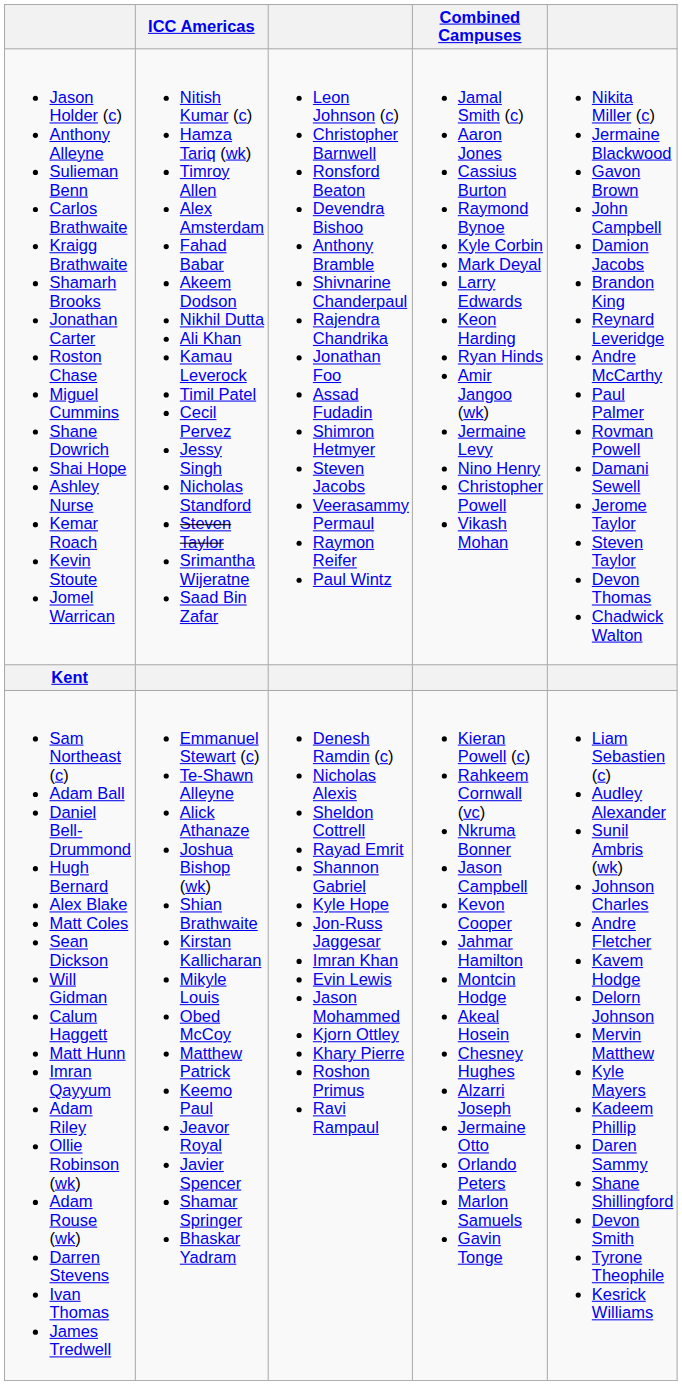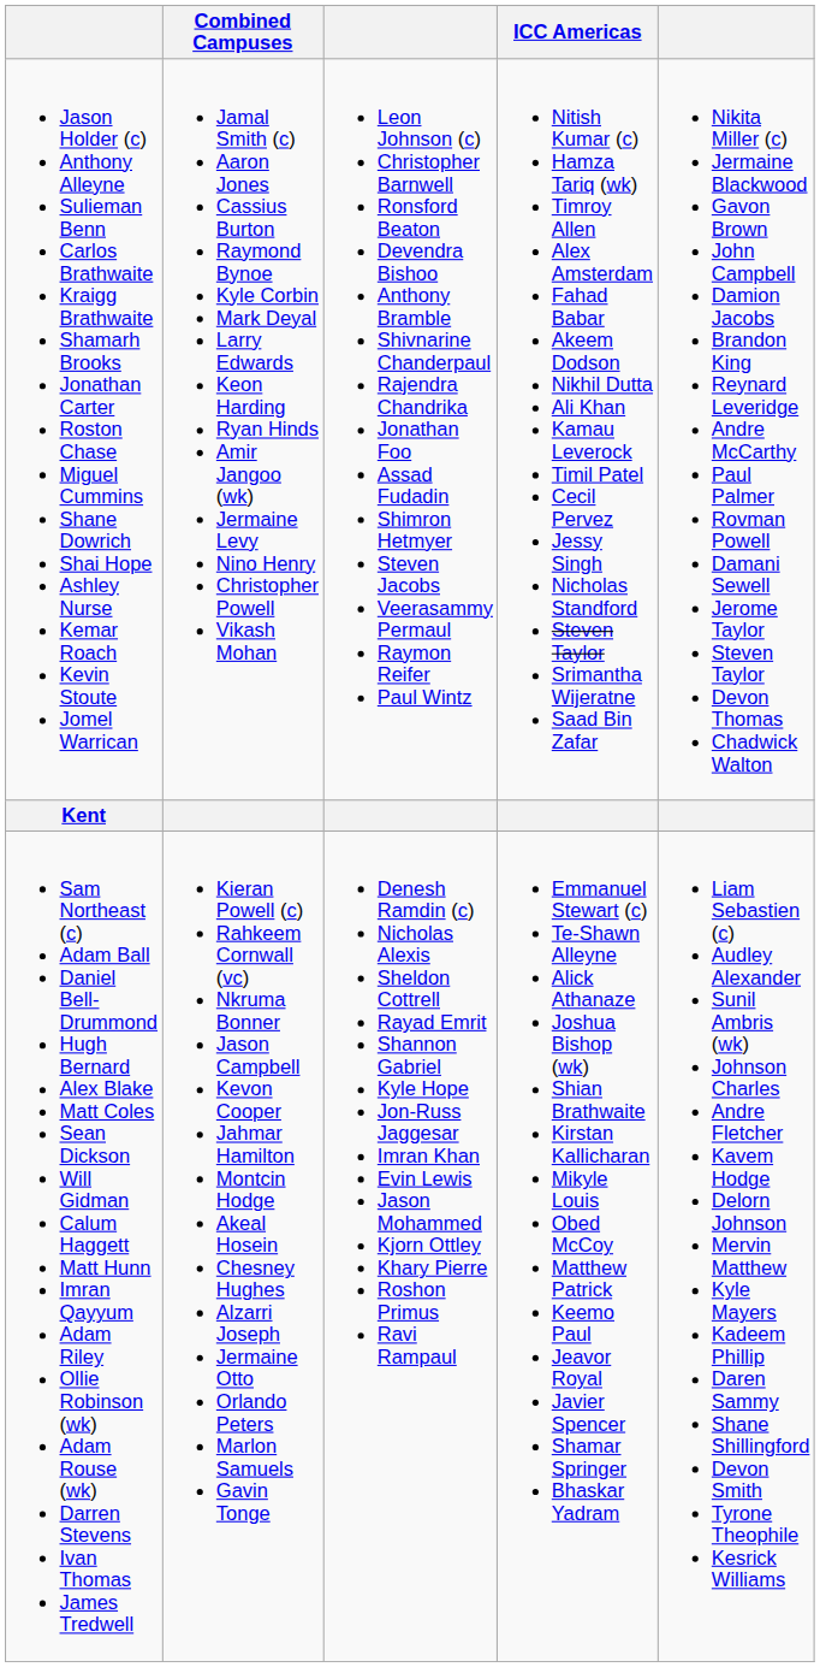 <table class="wikitable" width="100%">
 <tr>
 <th width=20%></th>
+<th width=20%> <a href='#'>Combined Campuses</a></th>
+<th width=20%></th>
 <th width=20%> <a href='#'>ICC Americas</a></th>
-<th width=20%></th>
-<th width=20%> <a href='#'>Combined Campuses</a></th>
 <th width=20%></th>
 </tr>
 <tr>
 <td valign=top><br><ul><li><a href='#'>Jason Holder</a> (<a href='#'>c</a>)</li><li><a href='#'>Anthony Alleyne</a></li><li><a href='#'>Sulieman Benn</a></li><li><a href='#'>Carlos Brathwaite</a></li><li><a href='#'>Kraigg Brathwaite</a></li><li><a href='#'>Shamarh Brooks</a></li><li><a href='#'>Jonathan Carter</a></li><li><a href='#'>Roston Chase</a></li><li><a href='#'>Miguel Cummins</a></li><li><a href='#'>Shane Dowrich</a></li><li><a href='#'>Shai Hope</a></li><li><a href='#'>Ashley Nurse</a></li><li><a href='#'>Kemar Roach</a></li><li><a href='#'>Kevin Stoute</a></li><li><a href='#'>Jomel Warrican</a></li></ul></td>
+<td valign=top><br><ul><li><a href='#'>Jamal Smith</a> (<a href='#'>c</a>)</li><li><a href='#'>Aaron Jones</a></li><li><a href='#'>Cassius Burton</a></li><li><a href='#'>Raymond Bynoe</a></li><li><a href='#'>Kyle Corbin</a></li><li><a href='#'>Mark Deyal</a></li><li><a href='#'>Larry Edwards</a></li><li><a href='#'>Keon Harding</a></li><li><a href='#'>Ryan Hinds</a></li><li><a href='#'>Amir Jangoo</a> (<a href='#'>wk</a>)</li><li><a href='#'>Jermaine Levy</a></li><li><a href='#'>Nino Henry</a></li><li><a href='#'>Christopher Powell</a></li><li><a href='#'>Vikash Mohan</a></li></ul></td>
+<td valign=top><br><ul><li><a href='#'>Leon Johnson</a> (<a href='#'>c</a>)</li><li><a href='#'>Christopher Barnwell</a></li><li><a href='#'>Ronsford Beaton</a></li><li><a href='#'>Devendra Bishoo</a></li><li><a href='#'>Anthony Bramble</a></li><li><a href='#'>Shivnarine Chanderpaul</a></li><li><a href='#'>Rajendra Chandrika</a></li><li><a href='#'>Jonathan Foo</a></li><li><a href='#'>Assad Fudadin</a></li><li><a href='#'>Shimron Hetmyer</a></li><li><a href='#'>Steven Jacobs</a></li><li><a href='#'>Veerasammy Permaul</a></li><li><a href='#'>Raymon Reifer</a></li><li><a href='#'>Paul Wintz</a></li></ul></td>
 <td valign=top><br><ul><li><a href='#'>Nitish Kumar</a> (<a href='#'>c</a>)</li><li><a href='#'>Hamza Tariq</a> (<a href='#'>wk</a>)</li><li><a href='#'>Timroy Allen</a></li><li><a href='#'>Alex Amsterdam</a></li><li><a href='#'>Fahad Babar</a></li><li><a href='#'>Akeem Dodson</a></li><li><a href='#'>Nikhil Dutta</a></li><li><a href='#'>Ali Khan</a></li><li><a href='#'>Kamau Leverock</a></li><li><a href='#'>Timil Patel</a></li><li><a href='#'>Cecil Pervez</a></li><li><a href='#'>Jessy Singh</a></li><li><a href='#'>Nicholas Standford</a></li><li><s><a href='#'>Steven Taylor</a></s></li><li><a href='#'>Srimantha Wijeratne</a></li><li><a href='#'>Saad Bin Zafar</a></li></ul></td>
-<td valign=top><br><ul><li><a href='#'>Leon Johnson</a> (<a href='#'>c</a>)</li><li><a href='#'>Christopher Barnwell</a></li><li><a href='#'>Ronsford Beaton</a></li><li><a href='#'>Devendra Bishoo</a></li><li><a href='#'>Anthony Bramble</a></li><li><a href='#'>Shivnarine Chanderpaul</a></li><li><a href='#'>Rajendra Chandrika</a></li><li><a href='#'>Jonathan Foo</a></li><li><a href='#'>Assad Fudadin</a></li><li><a href='#'>Shimron Hetmyer</a></li><li><a href='#'>Steven Jacobs</a></li><li><a href='#'>Veerasammy Permaul</a></li><li><a href='#'>Raymon Reifer</a></li><li><a href='#'>Paul Wintz</a></li></ul></td>
-<td valign=top><br><ul><li><a href='#'>Jamal Smith</a> (<a href='#'>c</a>)</li><li><a href='#'>Aaron Jones</a></li><li><a href='#'>Cassius Burton</a></li><li><a href='#'>Raymond Bynoe</a></li><li><a href='#'>Kyle Corbin</a></li><li><a href='#'>Mark Deyal</a></li><li><a href='#'>Larry Edwards</a></li><li><a href='#'>Keon Harding</a></li><li><a href='#'>Ryan Hinds</a></li><li><a href='#'>Amir Jangoo</a> (<a href='#'>wk</a>)</li><li><a href='#'>Jermaine Levy</a></li><li><a href='#'>Nino Henry</a></li><li><a href='#'>Christopher Powell</a></li><li><a href='#'>Vikash Mohan</a></li></ul></td>
 <td valign=top><br><ul><li><a href='#'>Nikita Miller</a> (<a href='#'>c</a>)</li><li><a href='#'>Jermaine Blackwood</a></li><li><a href='#'>Gavon Brown</a></li><li><a href='#'>John Campbell</a></li><li><a href='#'>Damion Jacobs</a></li><li><a href='#'>Brandon King</a></li><li><a href='#'>Reynard Leveridge</a></li><li><a href='#'>Andre McCarthy</a></li><li><a href='#'>Paul Palmer</a></li><li><a href='#'>Rovman Powell</a></li><li><a href='#'>Damani Sewell</a></li><li><a href='#'>Jerome Taylor</a></li><li><a href='#'>Steven Taylor</a></li><li><a href='#'>Devon Thomas</a></li><li><a href='#'>Chadwick Walton</a></li></ul></td>
 </tr>
 <tr>
 <th width=20%> <a href='#'>Kent</a></th>
 <th width=20%></th>
 <th width=20%></th>
 <th width=20%></th>
 <th width=20%></th>
 </tr>
 <tr>
 <td valign=top><br><ul><li><a href='#'>Sam Northeast</a> (<a href='#'>c</a>)</li><li><a href='#'>Adam Ball</a></li><li><a href='#'>Daniel Bell-Drummond</a></li><li><a href='#'>Hugh Bernard</a></li><li><a href='#'>Alex Blake</a></li><li><a href='#'>Matt Coles</a></li><li><a href='#'>Sean Dickson</a></li><li><a href='#'>Will Gidman</a></li><li><a href='#'>Calum Haggett</a></li><li><a href='#'>Matt Hunn</a></li><li><a href='#'>Imran Qayyum</a></li><li><a href='#'>Adam Riley</a></li><li><a href='#'>Ollie Robinson</a> (<a href='#'>wk</a>)</li><li><a href='#'>Adam Rouse</a> (<a href='#'>wk</a>)</li><li><a href='#'>Darren Stevens</a></li><li><a href='#'>Ivan Thomas</a></li><li><a href='#'>James Tredwell</a></li></ul></td>
+<td valign=top><br><ul><li><a href='#'>Kieran Powell</a> (<a href='#'>c</a>)</li><li><a href='#'>Rahkeem Cornwall</a> (<a href='#'>vc</a>)</li><li><a href='#'>Nkruma Bonner</a></li><li><a href='#'>Jason Campbell</a></li><li><a href='#'>Kevon Cooper</a></li><li><a href='#'>Jahmar Hamilton</a></li><li><a href='#'>Montcin Hodge</a></li><li><a href='#'>Akeal Hosein</a></li><li><a href='#'>Chesney Hughes</a></li><li><a href='#'>Alzarri Joseph</a></li><li><a href='#'>Jermaine Otto</a></li><li><a href='#'>Orlando Peters</a></li><li><a href='#'>Marlon Samuels</a></li><li><a href='#'>Gavin Tonge</a></li></ul></td>
+<td valign=top><br><ul><li><a href='#'>Denesh Ramdin</a> (<a href='#'>c</a>)</li><li><a href='#'>Nicholas Alexis</a></li><li><a href='#'>Sheldon Cottrell</a></li><li><a href='#'>Rayad Emrit</a></li><li><a href='#'>Shannon Gabriel</a></li><li><a href='#'>Kyle Hope</a></li><li><a href='#'>Jon-Russ Jaggesar</a></li><li><a href='#'>Imran Khan</a></li><li><a href='#'>Evin Lewis</a></li><li><a href='#'>Jason Mohammed</a></li><li><a href='#'>Kjorn Ottley</a></li><li><a href='#'>Khary Pierre</a></li><li><a href='#'>Roshon Primus</a></li><li><a href='#'>Ravi Rampaul</a></li></ul></td>
 <td valign=top><br><ul><li><a href='#'>Emmanuel Stewart</a> (<a href='#'>c</a>)</li><li><a href='#'>Te-Shawn Alleyne</a></li><li><a href='#'>Alick Athanaze</a></li><li><a href='#'>Joshua Bishop</a> (<a href='#'>wk</a>)</li><li><a href='#'>Shian Brathwaite</a></li><li><a href='#'>Kirstan Kallicharan</a></li><li><a href='#'>Mikyle Louis</a></li><li><a href='#'>Obed McCoy</a></li><li><a href='#'>Matthew Patrick</a></li><li><a href='#'>Keemo Paul</a></li><li><a href='#'>Jeavor Royal</a></li><li><a href='#'>Javier Spencer</a></li><li><a href='#'>Shamar Springer</a></li><li><a href='#'>Bhaskar Yadram</a></li></ul></td>
-<td valign=top><br><ul><li><a href='#'>Denesh Ramdin</a> (<a href='#'>c</a>)</li><li><a href='#'>Nicholas Alexis</a></li><li><a href='#'>Sheldon Cottrell</a></li><li><a href='#'>Rayad Emrit</a></li><li><a href='#'>Shannon Gabriel</a></li><li><a href='#'>Kyle Hope</a></li><li><a href='#'>Jon-Russ Jaggesar</a></li><li><a href='#'>Imran Khan</a></li><li><a href='#'>Evin Lewis</a></li><li><a href='#'>Jason Mohammed</a></li><li><a href='#'>Kjorn Ottley</a></li><li><a href='#'>Khary Pierre</a></li><li><a href='#'>Roshon Primus</a></li><li><a href='#'>Ravi Rampaul</a></li></ul></td>
-<td valign=top><br><ul><li><a href='#'>Kieran Powell</a> (<a href='#'>c</a>)</li><li><a href='#'>Rahkeem Cornwall</a> (<a href='#'>vc</a>)</li><li><a href='#'>Nkruma Bonner</a></li><li><a href='#'>Jason Campbell</a></li><li><a href='#'>Kevon Cooper</a></li><li><a href='#'>Jahmar Hamilton</a></li><li><a href='#'>Montcin Hodge</a></li><li><a href='#'>Akeal Hosein</a></li><li><a href='#'>Chesney Hughes</a></li><li><a href='#'>Alzarri Joseph</a></li><li><a href='#'>Jermaine Otto</a></li><li><a href='#'>Orlando Peters</a></li><li><a href='#'>Marlon Samuels</a></li><li><a href='#'>Gavin Tonge</a></li></ul></td>
 <td valign=top><br><ul><li><a href='#'>Liam Sebastien</a> (<a href='#'>c</a>)</li><li><a href='#'>Audley Alexander</a></li><li><a href='#'>Sunil Ambris</a> (<a href='#'>wk</a>)</li><li><a href='#'>Johnson Charles</a></li><li><a href='#'>Andre Fletcher</a></li><li><a href='#'>Kavem Hodge</a></li><li><a href='#'>Delorn Johnson</a></li><li><a href='#'>Mervin Matthew</a></li><li><a href='#'>Kyle Mayers</a></li><li><a href='#'>Kadeem Phillip</a></li><li><a href='#'>Daren Sammy</a></li><li><a href='#'>Shane Shillingford</a></li><li><a href='#'>Devon Smith</a></li><li><a href='#'>Tyrone Theophile</a></li><li><a href='#'>Kesrick Williams</a></li></ul></td>
 </tr>
 </table>
